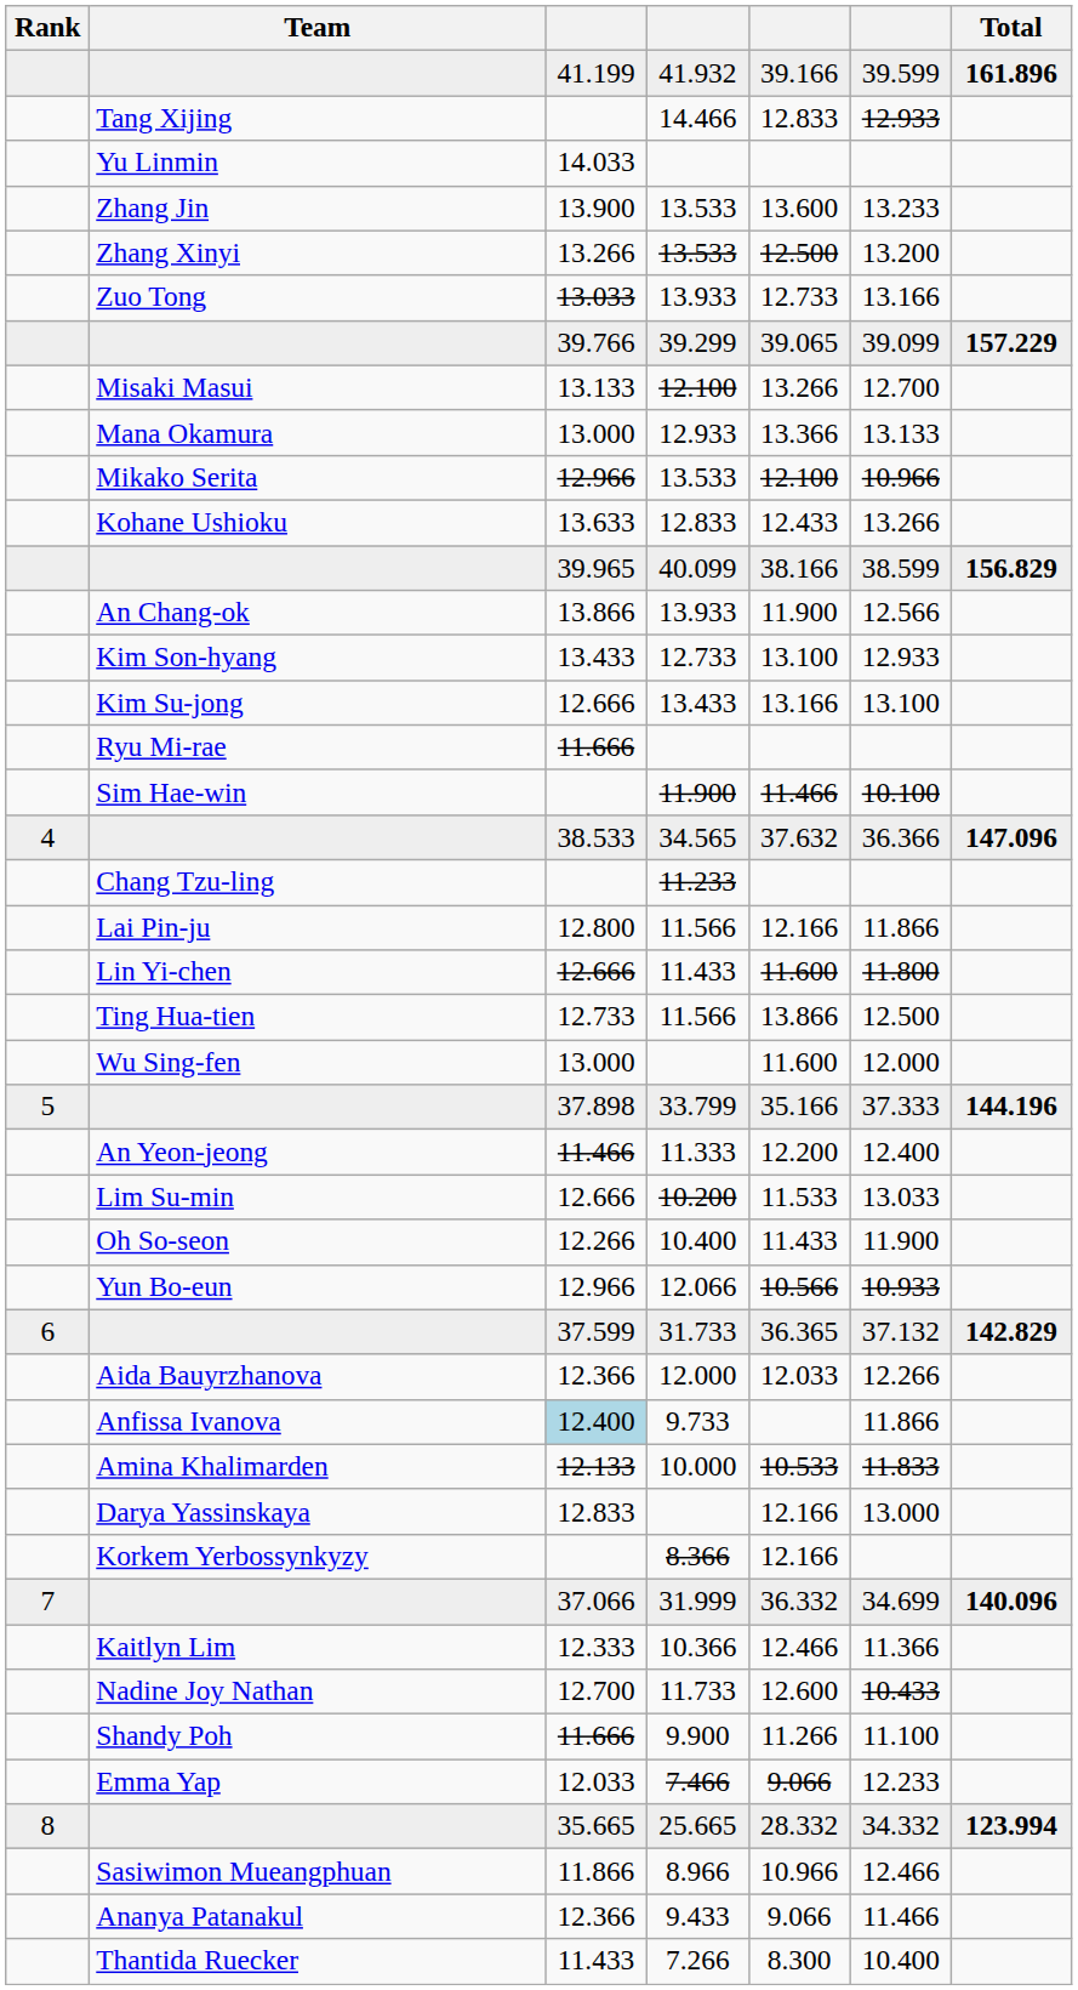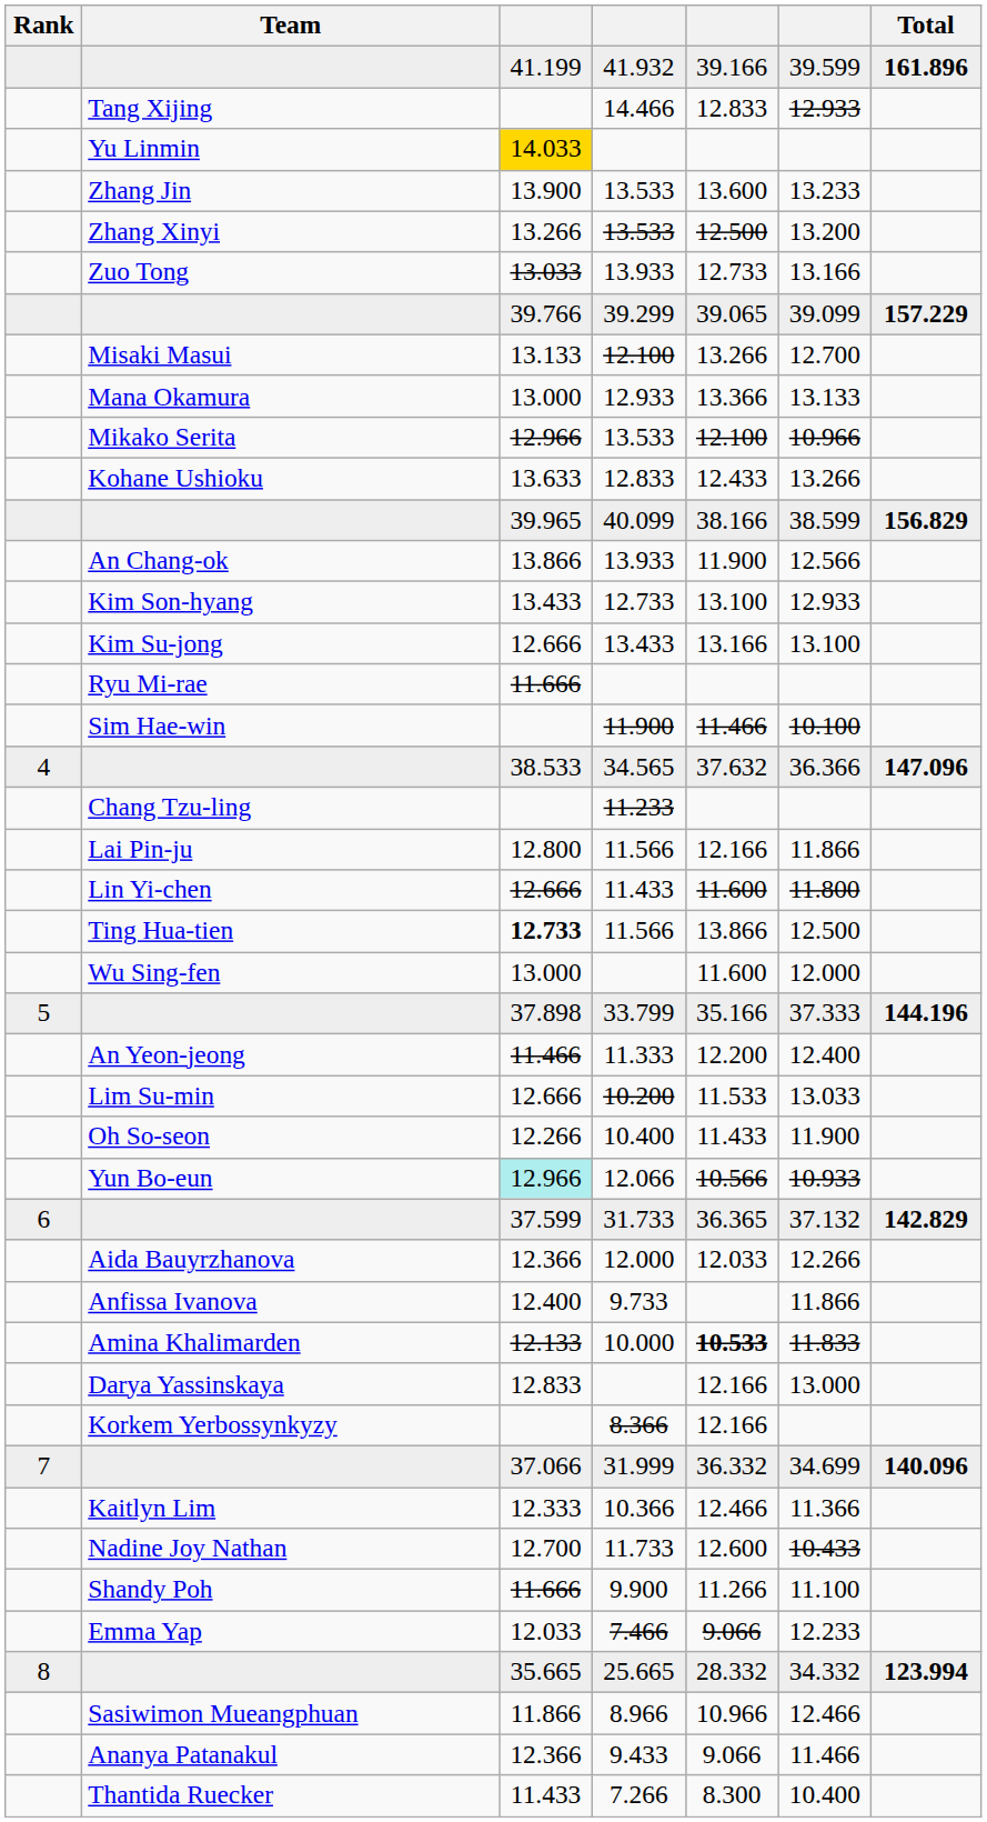 <table class=wikitable style="text-align:center">
 <tr>
 <th width=40>Rank</th>
 <th width=250>Team</th>
 <th width=50></th>
 <th width=50></th>
 <th width=50></th>
 <th width=50></th>
 <th width=60>Total</th>
 </tr>
 <tr bgcolor=eeeeee>
 <td></td>
 <td align=left></td>
 <td>41.199</td>
 <td>41.932</td>
 <td>39.166</td>
 <td>39.599</td>
 <td><strong>161.896</strong></td>
 </tr>
 <tr>
 <td></td>
 <td align=left><a href='#'>Tang Xijing</a></td>
 <td></td>
 <td>14.466</td>
 <td>12.833</td>
 <td><s>12.933</s></td>
 <td></td>
 </tr>
 <tr>
 <td></td>
 <td align=left><a href='#'>Yu Linmin</a></td>
-<td>14.033</td>
+<td style="background: gold;">14.033</td>
 <td></td>
 <td></td>
 <td></td>
 <td></td>
 </tr>
 <tr>
 <td></td>
 <td align=left><a href='#'>Zhang Jin</a></td>
 <td>13.900</td>
 <td>13.533</td>
 <td>13.600</td>
 <td>13.233</td>
 <td></td>
 </tr>
 <tr>
 <td></td>
 <td align=left><a href='#'>Zhang Xinyi</a></td>
 <td>13.266</td>
 <td><s>13.533</s></td>
 <td><s>12.500</s></td>
 <td>13.200</td>
 <td></td>
 </tr>
 <tr>
 <td></td>
 <td align=left><a href='#'>Zuo Tong</a></td>
 <td><s>13.033</s></td>
 <td>13.933</td>
 <td>12.733</td>
 <td>13.166</td>
 <td></td>
 </tr>
 <tr bgcolor=eeeeee>
 <td></td>
 <td align=left></td>
 <td>39.766</td>
 <td>39.299</td>
 <td>39.065</td>
 <td>39.099</td>
 <td><strong>157.229</strong></td>
 </tr>
 <tr>
 <td></td>
 <td align=left><a href='#'>Misaki Masui</a></td>
 <td>13.133</td>
 <td><s>12.100</s></td>
 <td>13.266</td>
 <td>12.700</td>
 <td></td>
 </tr>
 <tr>
 <td></td>
 <td align=left><a href='#'>Mana Okamura</a></td>
 <td>13.000</td>
 <td>12.933</td>
 <td>13.366</td>
 <td>13.133</td>
 <td></td>
 </tr>
 <tr>
 <td></td>
 <td align=left><a href='#'>Mikako Serita</a></td>
 <td><s>12.966</s></td>
 <td>13.533</td>
 <td><s>12.100</s></td>
 <td><s>10.966</s></td>
 <td></td>
 </tr>
 <tr>
 <td></td>
 <td align=left><a href='#'>Kohane Ushioku</a></td>
 <td>13.633</td>
 <td>12.833</td>
 <td>12.433</td>
 <td>13.266</td>
 <td></td>
 </tr>
 <tr bgcolor=eeeeee>
 <td></td>
 <td align=left></td>
 <td>39.965</td>
 <td>40.099</td>
 <td>38.166</td>
 <td>38.599</td>
 <td><strong>156.829</strong></td>
 </tr>
 <tr>
 <td></td>
 <td align=left><a href='#'>An Chang-ok</a></td>
 <td>13.866</td>
 <td>13.933</td>
 <td>11.900</td>
 <td>12.566</td>
 <td></td>
 </tr>
 <tr>
 <td></td>
 <td align=left><a href='#'>Kim Son-hyang</a></td>
 <td>13.433</td>
 <td>12.733</td>
 <td>13.100</td>
 <td>12.933</td>
 <td></td>
 </tr>
 <tr>
 <td></td>
 <td align=left><a href='#'>Kim Su-jong</a></td>
 <td>12.666</td>
 <td>13.433</td>
 <td>13.166</td>
 <td>13.100</td>
 <td></td>
 </tr>
 <tr>
 <td></td>
 <td align=left><a href='#'>Ryu Mi-rae</a></td>
 <td><s>11.666</s></td>
 <td></td>
 <td></td>
 <td></td>
 <td></td>
 </tr>
 <tr>
 <td></td>
 <td align=left><a href='#'>Sim Hae-win</a></td>
 <td></td>
 <td><s>11.900</s></td>
 <td><s>11.466</s></td>
 <td><s>10.100</s></td>
 <td></td>
 </tr>
 <tr bgcolor=eeeeee>
 <td>4</td>
 <td align=left></td>
 <td>38.533</td>
 <td>34.565</td>
 <td>37.632</td>
 <td>36.366</td>
 <td><strong>147.096</strong></td>
 </tr>
 <tr>
 <td></td>
 <td align=left><a href='#'>Chang Tzu-ling</a></td>
 <td></td>
 <td><s>11.233</s></td>
 <td></td>
 <td></td>
 <td></td>
 </tr>
 <tr>
 <td></td>
 <td align=left><a href='#'>Lai Pin-ju</a></td>
 <td>12.800</td>
 <td>11.566</td>
 <td>12.166</td>
 <td>11.866</td>
 <td></td>
 </tr>
 <tr>
 <td></td>
 <td align=left><a href='#'>Lin Yi-chen</a></td>
 <td><s>12.666</s></td>
 <td>11.433</td>
 <td><s>11.600</s></td>
 <td><s>11.800</s></td>
 <td></td>
 </tr>
 <tr>
 <td></td>
 <td align=left><a href='#'>Ting Hua-tien</a></td>
-<td>12.733</td>
+<td><strong>12.733</strong></td>
 <td>11.566</td>
 <td>13.866</td>
 <td>12.500</td>
 <td></td>
 </tr>
 <tr>
 <td></td>
 <td align=left><a href='#'>Wu Sing-fen</a></td>
 <td>13.000</td>
 <td></td>
 <td>11.600</td>
 <td>12.000</td>
 <td></td>
 </tr>
 <tr bgcolor=eeeeee>
 <td>5</td>
 <td align=left></td>
 <td>37.898</td>
 <td>33.799</td>
 <td>35.166</td>
 <td>37.333</td>
 <td><strong>144.196</strong></td>
 </tr>
 <tr>
 <td></td>
 <td align=left><a href='#'>An Yeon-jeong</a></td>
 <td><s>11.466</s></td>
 <td>11.333</td>
 <td>12.200</td>
 <td>12.400</td>
 <td></td>
 </tr>
 <tr>
 <td></td>
 <td align=left><a href='#'>Lim Su-min</a></td>
 <td>12.666</td>
 <td><s>10.200</s></td>
 <td>11.533</td>
 <td>13.033</td>
 <td></td>
 </tr>
 <tr>
 <td></td>
 <td align=left><a href='#'>Oh So-seon</a></td>
 <td>12.266</td>
 <td>10.400</td>
 <td>11.433</td>
 <td>11.900</td>
 <td></td>
 </tr>
 <tr>
 <td></td>
 <td align=left><a href='#'>Yun Bo-eun</a></td>
-<td>12.966</td>
+<td style="background: paleturquoise;">12.966</td>
 <td>12.066</td>
 <td><s>10.566</s></td>
 <td><s>10.933</s></td>
 <td></td>
 </tr>
 <tr bgcolor=eeeeee>
 <td>6</td>
 <td align=left></td>
 <td>37.599</td>
 <td>31.733</td>
 <td>36.365</td>
 <td>37.132</td>
 <td><strong>142.829</strong></td>
 </tr>
 <tr>
 <td></td>
 <td align=left><a href='#'>Aida Bauyrzhanova</a></td>
 <td>12.366</td>
 <td>12.000</td>
 <td>12.033</td>
 <td>12.266</td>
 <td></td>
 </tr>
 <tr>
 <td></td>
 <td align=left><a href='#'>Anfissa Ivanova</a></td>
-<td style="background: lightblue;">12.400</td>
+<td>12.400</td>
 <td>9.733</td>
 <td></td>
 <td>11.866</td>
 <td></td>
 </tr>
 <tr>
 <td></td>
 <td align=left><a href='#'>Amina Khalimarden</a></td>
 <td><s>12.133</s></td>
 <td>10.000</td>
-<td><s>10.533</s></td>
+<td><strong><s>10.533</s></strong></td>
 <td><s>11.833</s></td>
 <td></td>
 </tr>
 <tr>
 <td></td>
 <td align=left><a href='#'>Darya Yassinskaya</a></td>
 <td>12.833</td>
 <td></td>
 <td>12.166</td>
 <td>13.000</td>
 <td></td>
 </tr>
 <tr>
 <td></td>
 <td align=left><a href='#'>Korkem Yerbossynkyzy</a></td>
 <td></td>
 <td><s>8.366</s></td>
 <td>12.166</td>
 <td></td>
 <td></td>
 </tr>
 <tr bgcolor=eeeeee>
 <td>7</td>
 <td align=left></td>
 <td>37.066</td>
 <td>31.999</td>
 <td>36.332</td>
 <td>34.699</td>
 <td><strong>140.096</strong></td>
 </tr>
 <tr>
 <td></td>
 <td align=left><a href='#'>Kaitlyn Lim</a></td>
 <td>12.333</td>
 <td>10.366</td>
 <td>12.466</td>
 <td>11.366</td>
 <td></td>
 </tr>
 <tr>
 <td></td>
 <td align=left><a href='#'>Nadine Joy Nathan</a></td>
 <td>12.700</td>
 <td>11.733</td>
 <td>12.600</td>
 <td><s>10.433</s></td>
 <td></td>
 </tr>
 <tr>
 <td></td>
 <td align=left><a href='#'>Shandy Poh</a></td>
 <td><s>11.666</s></td>
 <td>9.900</td>
 <td>11.266</td>
 <td>11.100</td>
 <td></td>
 </tr>
 <tr>
 <td></td>
 <td align=left><a href='#'>Emma Yap</a></td>
 <td>12.033</td>
 <td><s>7.466</s></td>
 <td><s>9.066</s></td>
 <td>12.233</td>
 <td></td>
 </tr>
 <tr bgcolor=eeeeee>
 <td>8</td>
 <td align=left></td>
 <td>35.665</td>
 <td>25.665</td>
 <td>28.332</td>
 <td>34.332</td>
 <td><strong>123.994</strong></td>
 </tr>
 <tr>
 <td></td>
 <td align=left><a href='#'>Sasiwimon Mueangphuan</a></td>
 <td>11.866</td>
 <td>8.966</td>
 <td>10.966</td>
 <td>12.466</td>
 <td></td>
 </tr>
 <tr>
 <td></td>
 <td align=left><a href='#'>Ananya Patanakul</a></td>
 <td>12.366</td>
 <td>9.433</td>
 <td>9.066</td>
 <td>11.466</td>
 <td></td>
 </tr>
 <tr>
 <td></td>
 <td align=left><a href='#'>Thantida Ruecker</a></td>
 <td>11.433</td>
 <td>7.266</td>
 <td>8.300</td>
 <td>10.400</td>
 </tr>
 </table>
